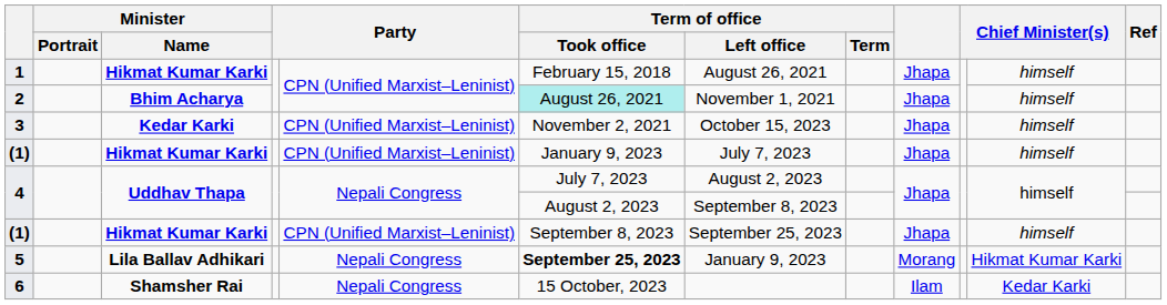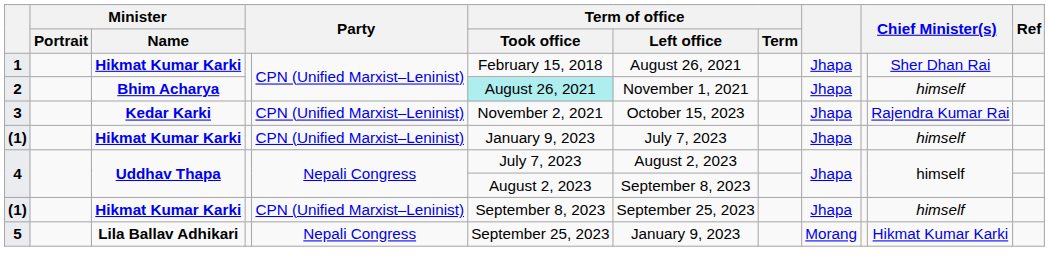 <table class="wikitable" style="font-size: 90%; text-align:center;">
 <tr>
 <th rowspan="2"></th>
 <th colspan="2">Minister</th>
 <th colspan="2" rowspan="2">Party</th>
 <th colspan="3">Term of office</th>
 <th rowspan="2"></th>
 <th colspan="2" rowspan="2"><a href='#'>Chief Minister(s)</a></th>
 <th colspan="1" rowspan="2">Ref</th>
 </tr>
 <tr>
 <th>Portrait</th>
 <th>Name</th>
 <th>Took office</th>
 <th>Left office</th>
 <th>Term</th>
 </tr>
 <tr>
 <th style="background-color:#EAECF0;">1</th>
 <td></td>
 <td align="center" scope="row" style="font-weight:normal;"><strong><a href='#'>Hikmat Kumar Karki</a></strong></td>
 <td rowspan="2"></td>
 <td rowspan="2"><a href='#'>CPN (Unified Marxist–Leninist)</a></td>
 <td>February 15, 2018</td>
 <td>August 26, 2021</td>
 <td></td>
 <td><a href='#'>Jhapa</a></td>
 <td rowspan="2"></td>
-<td><em>himself</em></td>
+<td><a href='#'>Sher Dhan Rai</a></td>
 <td></td>
 </tr>
 <tr>
 <th style="background-color:#EAECF0;">2</th>
 <td></td>
 <td align="center" scope="row" style="font-weight:normal;"><strong><a href='#'>Bhim Acharya</a></strong></td>
 <td style="background: paleturquoise;">August 26, 2021</td>
 <td>November 1, 2021</td>
 <td></td>
 <td><a href='#'>Jhapa</a></td>
 <td><em>himself</em></td>
 <td></td>
 </tr>
 <tr>
 <th style="background-color:#EAECF0;">3</th>
 <td></td>
 <td align="center" scope="row" style="font-weight:normal;"><strong><a href='#'>Kedar Karki</a></strong></td>
 <td></td>
 <td><a href='#'>CPN (Unified Marxist–Leninist)</a></td>
 <td>November 2, 2021</td>
 <td>October 15, 2023</td>
 <td></td>
 <td><a href='#'>Jhapa</a></td>
 <td></td>
-<td><em>himself</em></td>
+<td><a href='#'>Rajendra Kumar Rai</a></td>
 <td></td>
 </tr>
 <tr>
 <th style="background-color:#EAECF0;">(1)</th>
 <td></td>
 <td align="center" scope="row" style="font-weight:normal;"><strong><a href='#'>Hikmat Kumar Karki</a></strong></td>
 <td></td>
 <td><a href='#'>CPN (Unified Marxist–Leninist)</a></td>
 <td>January 9, 2023</td>
 <td>July 7, 2023</td>
 <td></td>
 <td><a href='#'>Jhapa</a></td>
 <td></td>
 <td><em>himself</em></td>
 <td></td>
 </tr>
 <tr>
 <th rowspan="2"  style="background-color:#EAECF0;">4</th>
 <td rowspan="2"></td>
 <td rowspan="2"><strong><a href='#'>Uddhav Thapa</a></strong></td>
 <td rowspan="2"></td>
 <td rowspan="2"><a href='#'>Nepali Congress</a></td>
 <td>July 7, 2023</td>
 <td>August 2, 2023</td>
 <td></td>
 <td rowspan="2"><a href='#'>Jhapa</a></td>
 <td rowspan="2"></td>
 <td rowspan="2">himself</td>
 <td></td>
 </tr>
 <tr>
 <td>August 2, 2023</td>
 <td>September 8, 2023</td>
 <td></td>
 <td></td>
 </tr>
 <tr>
 <th style="background-color:#EAECF0;">(1)</th>
 <td></td>
 <td align="center" scope="row" style="font-weight:normal;"><strong><a href='#'>Hikmat Kumar Karki</a></strong></td>
 <td></td>
 <td><a href='#'>CPN (Unified Marxist–Leninist)</a></td>
 <td>September 8, 2023</td>
 <td>September 25, 2023</td>
 <td></td>
 <td><a href='#'>Jhapa</a></td>
 <td></td>
 <td><em>himself</em></td>
 <td></td>
 </tr>
 <tr>
 <th style="background-color:#EAECF0;">5</th>
 <td></td>
 <td align="center" scope="row" style="font-weight:normal;"><strong>Lila Ballav Adhikari</strong></td>
 <td></td>
 <td><a href='#'>Nepali Congress </a></td>
-<td><strong>September 25, 2023</strong></td>
+<td>September 25, 2023</td>
 <td>January 9, 2023</td>
 <td></td>
 <td><a href='#'>Morang</a></td>
 <td></td>
 <td><a href='#'>Hikmat Kumar Karki</a></td>
 <td></td>
 </tr>
-<tr>
-<th style="background-color:#EAECF0;">6</th>
-<td></td>
-<td align="center" scope="row" style="font-weight:normal;"><strong>Shamsher Rai</strong></td>
-<td></td>
-<td><a href='#'>Nepali Congress </a></td>
-<td>15 October, 2023</td>
-<td></td>
-<td></td>
-<td><a href='#'>Ilam</a></td>
-<td></td>
-<td><a href='#'>Kedar Karki</a></td>
-<td></td>
-</tr>
 </table>
